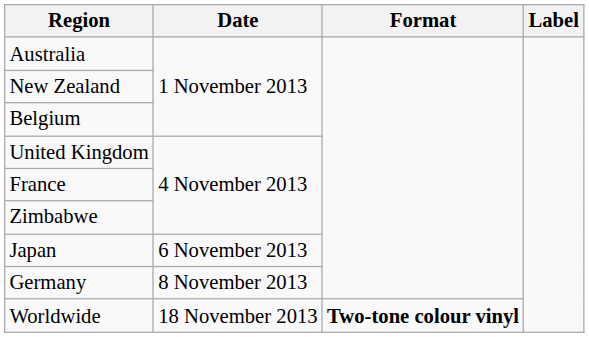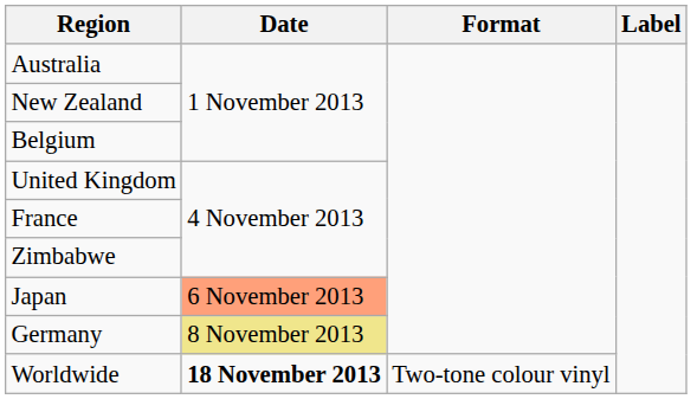 <table class="wikitable">
 <tr>
 <th scope="col">Region</th>
 <th scope="col">Date</th>
 <th scope="col">Format</th>
 <th scope="col">Label</th>
 </tr>
 <tr>
 <td>Australia</td>
 <td rowspan="3">1 November 2013</td>
 <td rowspan="8"></td>
 <td rowspan="9"></td>
 </tr>
 <tr>
 <td>New Zealand</td>
 </tr>
 <tr>
 <td>Belgium</td>
 </tr>
 <tr>
 <td>United Kingdom</td>
 <td rowspan="3">4 November 2013</td>
 </tr>
 <tr>
 <td>France</td>
 </tr>
 <tr>
 <td>Zimbabwe</td>
 </tr>
 <tr>
 <td>Japan</td>
-<td>6 November 2013</td>
+<td style="background: lightsalmon;">6 November 2013</td>
 </tr>
 <tr>
 <td>Germany</td>
-<td>8 November 2013</td>
+<td style="background: khaki;">8 November 2013</td>
 </tr>
 <tr>
 <td>Worldwide</td>
-<td>18 November 2013</td>
-<td><strong>Two-tone colour vinyl</strong></td>
+<td><strong>18 November 2013</strong></td>
+<td>Two-tone colour vinyl</td>
 </tr>
 </table>
